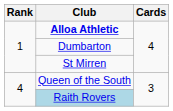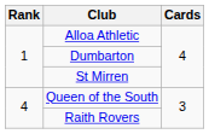 <table class="wikitable" style="text-align:center">
 <tr>
 <th>Rank</th>
 <th>Club</th>
 <th>Cards</th>
 </tr>
 <tr>
 <td rowspan="3">1</td>
-<td><strong><a href='#'>Alloa Athletic</a></strong></td>
+<td><a href='#'>Alloa Athletic</a></td>
 <td rowspan="3">4</td>
 </tr>
 <tr>
 <td><a href='#'>Dumbarton</a></td>
 </tr>
 <tr>
 <td><a href='#'>St Mirren</a></td>
 </tr>
 <tr>
 <td rowspan="2">4</td>
 <td><a href='#'>Queen of the South</a></td>
 <td rowspan="2">3</td>
 </tr>
 <tr>
-<td style="background: lightblue;"><a href='#'>Raith Rovers</a></td>
+<td><a href='#'>Raith Rovers</a></td>
 </tr>
 </table>
